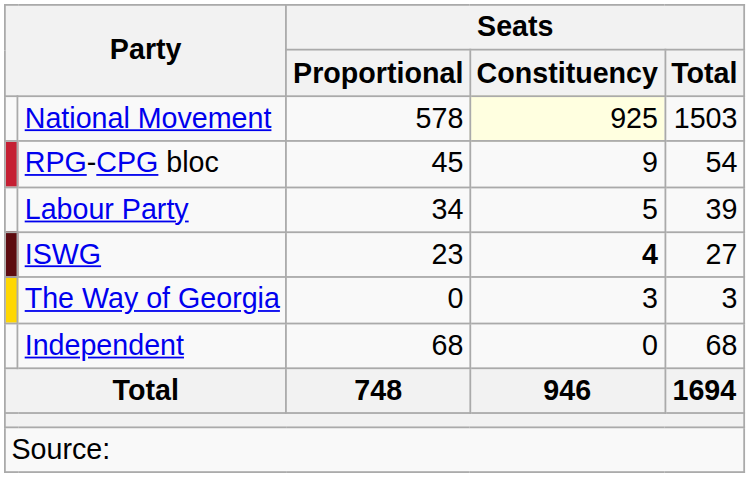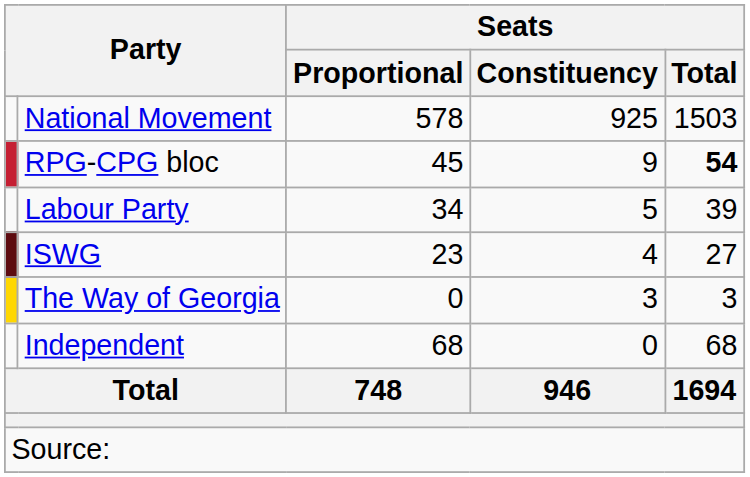 <table class="wikitable">
 <tr>
 <th colspan="2" rowspan="2">Party</th>
 <th scope="col" colspan="3">Seats</th>
 </tr>
 <tr>
 <th>Proportional</th>
 <th>Constituency</th>
 <th>Total</th>
 </tr>
 <tr>
 <td style="background:"></td>
 <td align=left><a href='#'>National Movement</a></td>
 <td align=right>578</td>
-<td align=right style="background: lightyellow;">925</td>
+<td align=right>925</td>
 <td align=right>1503</td>
 </tr>
 <tr>
 <td style="background:#C51F33"></td>
 <td align=left><a href='#'>RPG</a>-<a href='#'>CPG</a> bloc</td>
 <td align=right>45</td>
 <td align=right>9</td>
-<td align=right>54</td>
+<td align=right><strong>54</strong></td>
 </tr>
 <tr>
 <td style="background:"></td>
 <td align=left><a href='#'>Labour Party</a></td>
 <td align=right>34</td>
 <td align=right>5</td>
 <td align=right>39</td>
 </tr>
 <tr>
 <td style="background:#5e0b10"></td>
 <td align=left><a href='#'>ISWG</a></td>
 <td align=right>23</td>
-<td align=right><strong>4</strong></td>
+<td align=right>4</td>
 <td align=right>27</td>
 </tr>
 <tr>
 <td style="background:gold"></td>
 <td align=left><a href='#'>The Way of Georgia</a></td>
 <td align=right>0</td>
 <td align=right>3</td>
 <td align=right>3</td>
 </tr>
 <tr>
 <td style="background:"></td>
 <td align=left><a href='#'>Independent</a></td>
 <td align=right>68</td>
 <td align=right>0</td>
 <td align=right>68</td>
 </tr>
 <tr>
 <th colspan="2">Total</th>
 <th>748</th>
 <th>946</th>
 <th colspan="2">1694</th>
 </tr>
 <tr>
 <th colspan=5></th>
 </tr>
 <tr>
 <td colspan=9>Source: </td>
 </tr>
 </table>
